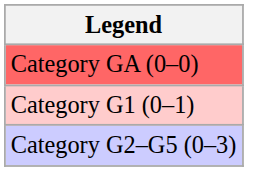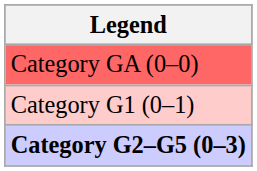 <table class=wikitable style="font-size:85%">
 <tr>
 <th>Legend</th>
 </tr>
 <tr bgcolor=FF6666>
 <td>Category GA (0–0)</td>
 </tr>
 <tr bgcolor=ffcccc>
 <td>Category G1 (0–1)</td>
 </tr>
 <tr bgcolor=ccccff>
-<td>Category G2–G5 (0–3)</td>
+<td><strong>Category G2–G5 (0–3)</strong></td>
 </tr>
 </table>
